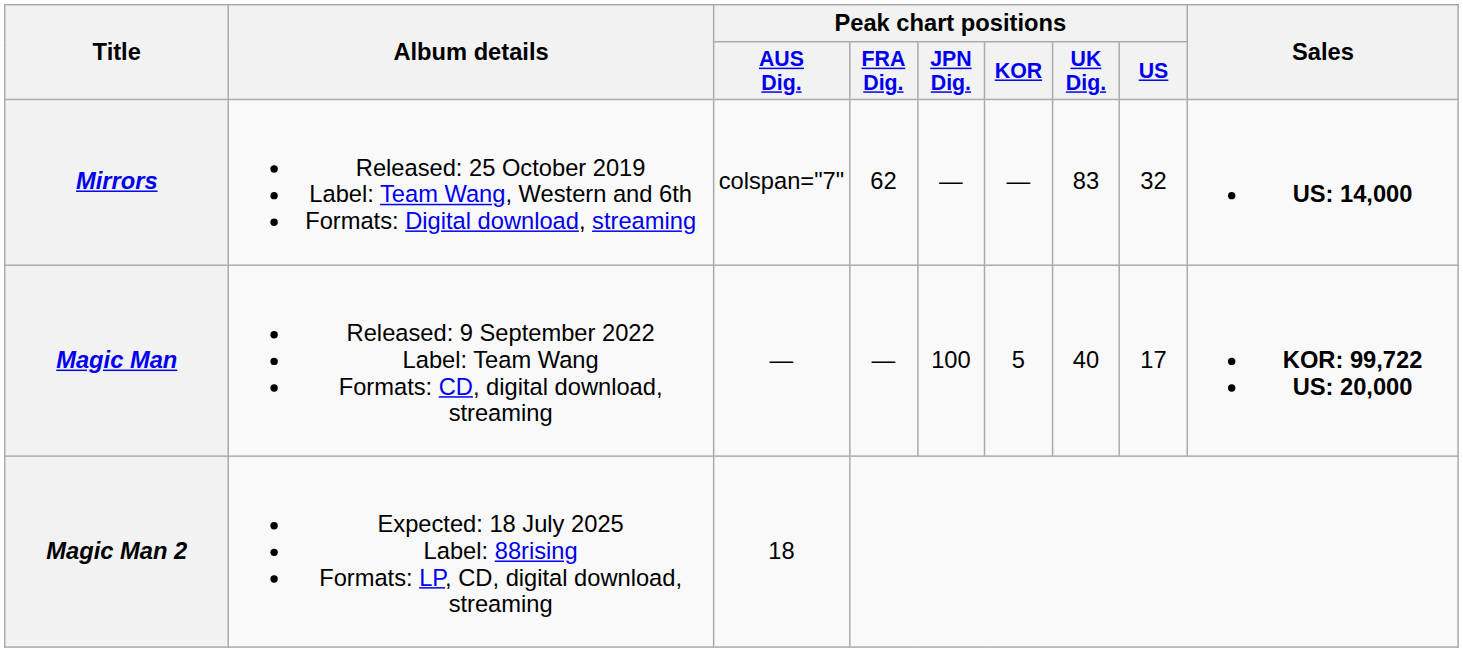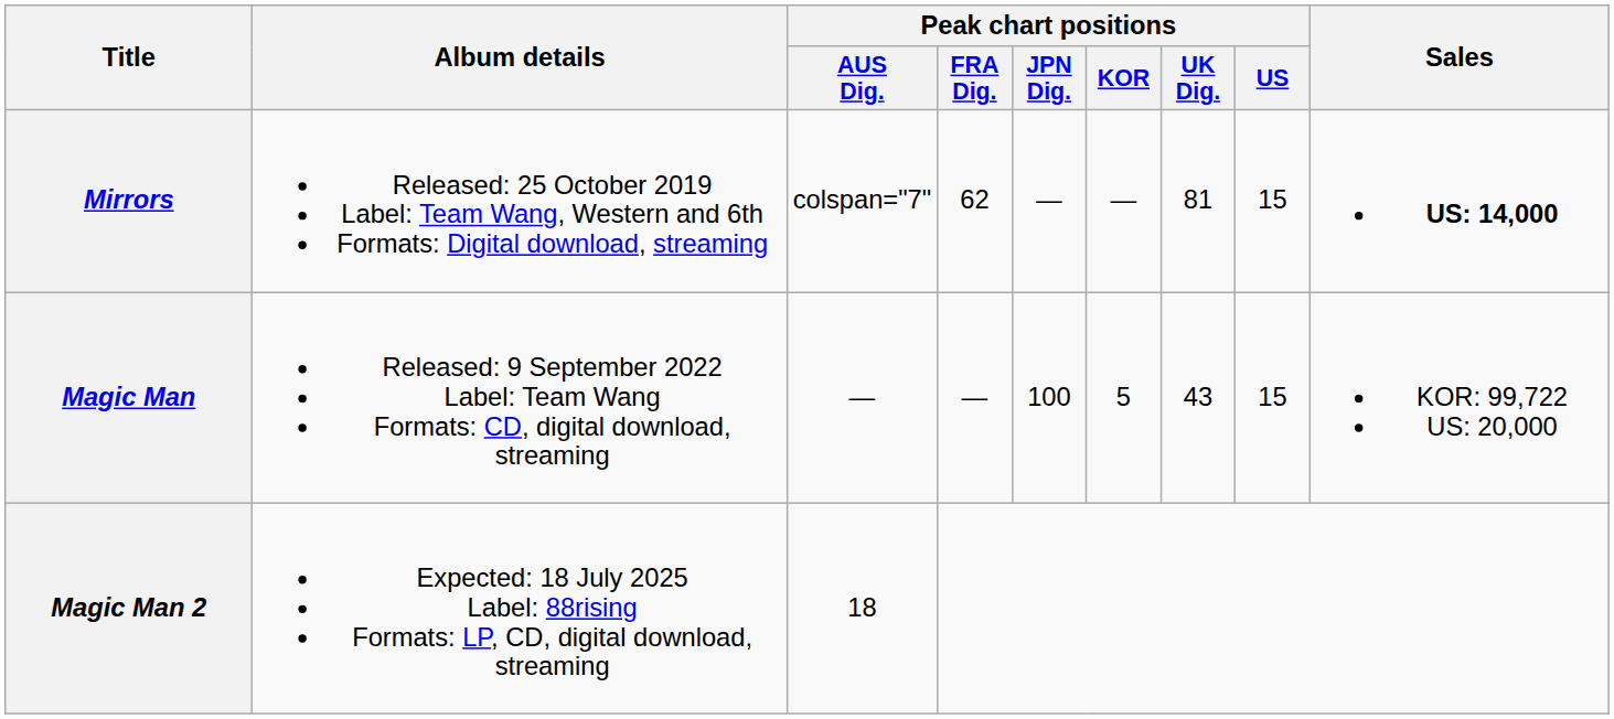 <table class="wikitable plainrowheaders" style="text-align:center;">
 <tr>
 <th scope="col" rowspan="2" style="width:9em;">Title</th>
 <th scope="col" rowspan="2" style="width:20em;">Album details</th>
 <th colspan="6" scope="col">Peak chart positions</th>
 <th scope="col" rowspan="2" style="width:11em;">Sales</th>
 </tr>
 <tr>
 <th scope="col" style="width:2.7em;font-size:90%;"><a href='#'>AUS<br>Dig.</a><br></th>
 <th scope="col" style="width:2.7em;font-size:90%;"><a href='#'>FRA<br>Dig.</a> <br></th>
 <th scope="col" style="width:2.7em;font-size:90%;"><a href='#'>JPN<br>Dig.</a><br></th>
 <th scope="col" style="width:2.7em;font-size:90%;"><a href='#'>KOR</a><br></th>
 <th scope="col" style="width:2.7em;font-size:90%;"><a href='#'>UK<br>Dig.</a><br></th>
 <th scope="col" style="width:2.7em;font-size:90%;"><a href='#'>US</a><br></th>
 </tr>
 <tr>
 <th scope="row"><em><a href='#'>Mirrors</a></em></th>
 <td><br><ul><li>Released: 25 October 2019</li><li>Label: <a href='#'>Team Wang</a>, Western and 6th</li><li>Formats: <a href='#'>Digital download</a>, <a href='#'>streaming</a></li></ul></td>
 <td>colspan="7" </td>
 <td>62</td>
 <td>—</td>
 <td>—</td>
-<td>83</td>
-<td>32</td>
+<td>81</td>
+<td>15</td>
 <td><strong><br><ul><li>US: 14,000</li></ul></strong></td>
 </tr>
 <tr>
 <th scope="row"><em><a href='#'>Magic Man</a></em></th>
 <td><br><ul><li>Released: 9 September 2022</li><li>Label: Team Wang</li><li>Formats: <a href='#'>CD</a>, digital download, streaming</li></ul></td>
 <td>—</td>
 <td>—</td>
 <td>100</td>
 <td>5</td>
-<td>40</td>
-<td>17</td>
-<td><strong><br><ul><li>KOR: 99,722</li><li>US: 20,000</li></ul></strong></td>
+<td>43</td>
+<td>15</td>
+<td><br><ul><li>KOR: 99,722</li><li>US: 20,000</li></ul></td>
 </tr>
 <tr>
 <th scope="row"><em>Magic Man 2</em></th>
 <td><br><ul><li>Expected: 18 July 2025</li><li>Label: <a href='#'>88rising</a></li><li>Formats: <a href='#'>LP</a>, CD, digital download, streaming</li></ul></td>
 <td>18</td>
 </tr>
 </table>
